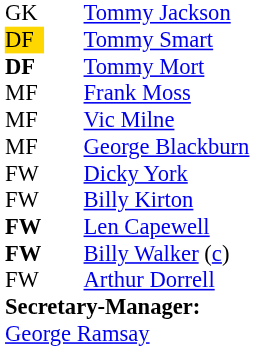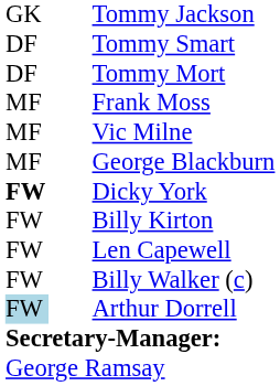 <table cellspacing="0" cellpadding="0" style="font-size:90%; margin:0.2em auto;">
 <tr>
 <th width="25"></th>
 <th width="25"></th>
 </tr>
 <tr>
 <td>GK</td>
 <td></td>
 <td> <a href='#'>Tommy Jackson</a></td>
 </tr>
 <tr>
-<td style="background: gold;">DF</td>
+<td>DF</td>
 <td></td>
 <td> <a href='#'>Tommy Smart</a></td>
 </tr>
 <tr>
-<td><strong>DF</strong></td>
+<td>DF</td>
 <td></td>
 <td> <a href='#'>Tommy Mort</a></td>
 </tr>
 <tr>
 <td>MF</td>
 <td></td>
 <td> <a href='#'>Frank Moss</a></td>
 </tr>
 <tr>
 <td>MF</td>
 <td></td>
 <td> <a href='#'>Vic Milne</a></td>
 </tr>
 <tr>
 <td>MF</td>
 <td></td>
 <td> <a href='#'>George Blackburn</a></td>
 </tr>
 <tr>
-<td>FW</td>
+<td><strong>FW</strong></td>
 <td></td>
 <td> <a href='#'>Dicky York</a></td>
 </tr>
 <tr>
 <td>FW</td>
 <td></td>
 <td> <a href='#'>Billy Kirton</a></td>
 </tr>
 <tr>
-<td><strong>FW</strong></td>
+<td>FW</td>
 <td></td>
 <td> <a href='#'>Len Capewell</a></td>
 </tr>
 <tr>
-<td><strong>FW</strong></td>
+<td>FW</td>
 <td></td>
 <td> <a href='#'>Billy Walker</a> (<a href='#'>c</a>)</td>
 </tr>
 <tr>
-<td>FW</td>
+<td style="background: lightblue;">FW</td>
 <td></td>
 <td> <a href='#'>Arthur Dorrell</a></td>
 </tr>
 <tr>
 <td colspan=4><strong>Secretary-Manager:</strong></td>
 </tr>
 <tr>
 <td colspan="4"> <a href='#'>George Ramsay</a></td>
 </tr>
 </table>
